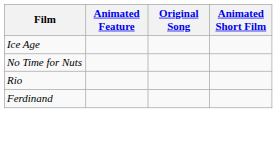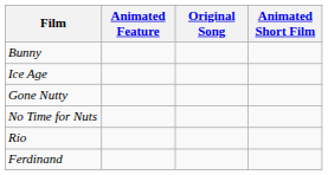 <table class="wikitable sortable" style="text-align:center; margin=auto; font-size:90%">
 <tr>
 <th width="100px">Film</th>
 <th width="75px"><a href='#'>Animated Feature</a></th>
 <th width="75px"><a href='#'>Original Song</a></th>
 <th width="75px"><a href='#'>Animated Short Film</a></th>
 </tr>
 <tr>
+<td style="text-align:left;"><em>Bunny</em></td>
+<td></td>
+<td></td>
+<td></td>
+</tr>
+<tr>
 <td style="text-align:left;"><em>Ice Age</em></td>
+<td></td>
+<td></td>
+<td></td>
+</tr>
+<tr>
+<td style="text-align:left;"><em>Gone Nutty</em></td>
 <td></td>
 <td></td>
 <td></td>
 </tr>
 <tr>
 <td style="text-align:left;"><em>No Time for Nuts</em></td>
 <td></td>
 <td></td>
 <td></td>
 </tr>
 <tr>
 <td style="text-align:left;"><em>Rio</em></td>
 <td></td>
 <td></td>
 <td></td>
 </tr>
 <tr>
 <td style="text-align:left;"><em>Ferdinand</em></td>
 <td></td>
 <td></td>
 <td></td>
 </tr>
 </table>
